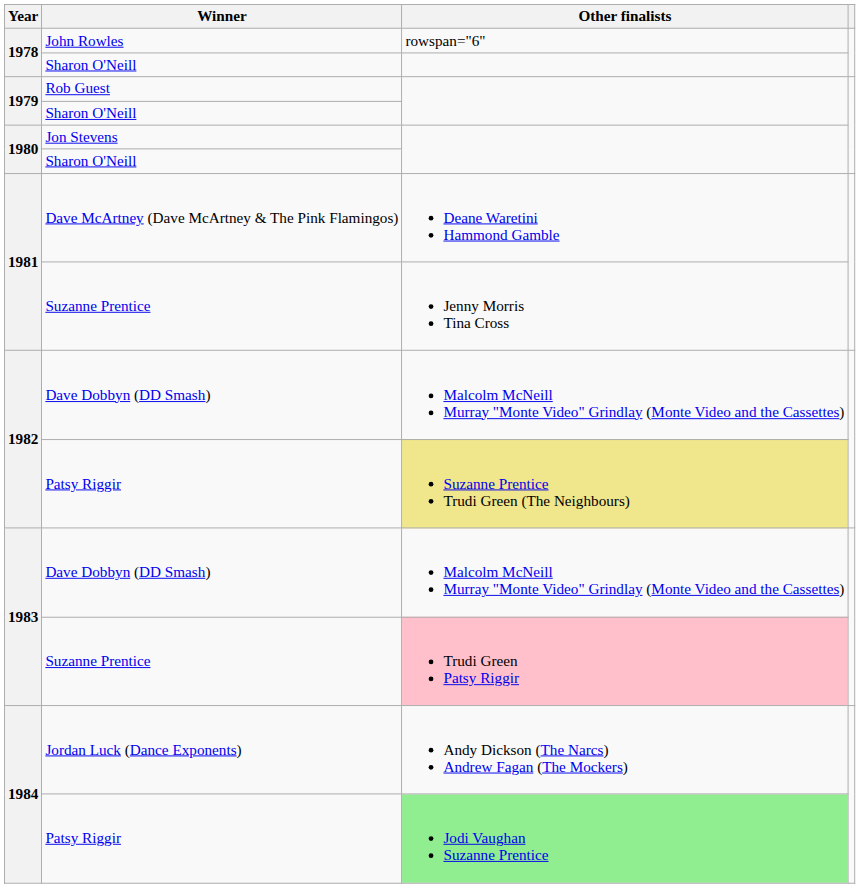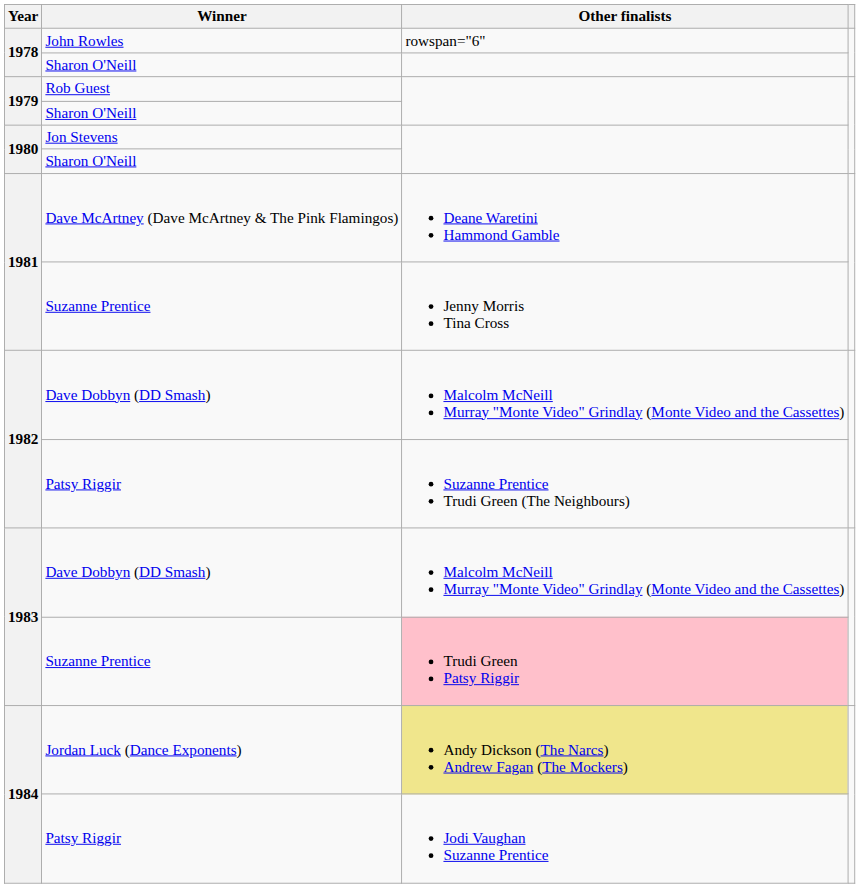 <table class="wikitable sortable">
 <tr>
 <th>Year</th>
 <th>Winner</th>
 <th>Other finalists</th>
 <th></th>
 </tr>
 <tr>
 <th rowspan="2">1978</th>
 <td><a href='#'>John Rowles</a></td>
 <td>rowspan="6" </td>
 <td rowspan="2" align="center"></td>
 </tr>
 <tr>
 <td><a href='#'>Sharon O'Neill</a></td>
 </tr>
 <tr>
 <th rowspan="2">1979</th>
 <td><a href='#'>Rob Guest</a></td>
 <td rowspan="2" align="center"></td>
 </tr>
 <tr>
 <td><a href='#'>Sharon O'Neill</a></td>
 </tr>
 <tr>
 <th rowspan="2">1980</th>
 <td><a href='#'>Jon Stevens</a></td>
 <td rowspan="2" align="center"></td>
 </tr>
 <tr>
 <td><a href='#'>Sharon O'Neill</a></td>
 </tr>
 <tr>
 <th rowspan="2">1981</th>
 <td><a href='#'>Dave McArtney</a> (Dave McArtney & The Pink Flamingos)</td>
 <td><br><ul><li><a href='#'>Deane Waretini</a></li><li><a href='#'>Hammond Gamble</a></li></ul></td>
 <td rowspan="2" align="center"></td>
 </tr>
 <tr>
 <td><a href='#'>Suzanne Prentice</a></td>
 <td><br><ul><li>Jenny Morris</li><li>Tina Cross</li></ul></td>
 </tr>
 <tr>
 <th rowspan="2">1982</th>
 <td><a href='#'>Dave Dobbyn</a> (<a href='#'>DD Smash</a>)</td>
 <td><br><ul><li><a href='#'>Malcolm McNeill</a></li><li><a href='#'>Murray "Monte Video" Grindlay</a> (<a href='#'>Monte Video and the Cassettes</a>)</li></ul></td>
 <td rowspan="2" align="center"></td>
 </tr>
 <tr>
 <td><a href='#'>Patsy Riggir</a></td>
-<td style="background: khaki;"><br><ul><li><a href='#'>Suzanne Prentice</a></li><li>Trudi Green (The Neighbours)</li></ul></td>
+<td><br><ul><li><a href='#'>Suzanne Prentice</a></li><li>Trudi Green (The Neighbours)</li></ul></td>
 </tr>
 <tr>
 <th rowspan="2">1983</th>
 <td><a href='#'>Dave Dobbyn</a> (<a href='#'>DD Smash</a>)</td>
 <td><br><ul><li><a href='#'>Malcolm McNeill</a></li><li><a href='#'>Murray "Monte Video" Grindlay</a> (<a href='#'>Monte Video and the Cassettes</a>)</li></ul></td>
 <td rowspan="2" align="center"></td>
 </tr>
 <tr>
 <td><a href='#'>Suzanne Prentice</a></td>
 <td style="background: pink;"><br><ul><li>Trudi Green</li><li><a href='#'>Patsy Riggir</a></li></ul></td>
 </tr>
 <tr>
 <th rowspan="2">1984</th>
 <td><a href='#'>Jordan Luck</a> (<a href='#'>Dance Exponents</a>)</td>
-<td><br><ul><li>Andy Dickson (<a href='#'>The Narcs</a>)</li><li><a href='#'>Andrew Fagan</a> (<a href='#'>The Mockers</a>)</li></ul></td>
+<td style="background: khaki;"><br><ul><li>Andy Dickson (<a href='#'>The Narcs</a>)</li><li><a href='#'>Andrew Fagan</a> (<a href='#'>The Mockers</a>)</li></ul></td>
 <td rowspan="2" align="center"></td>
 </tr>
 <tr>
 <td><a href='#'>Patsy Riggir</a></td>
-<td style="background: lightgreen;"><br><ul><li><a href='#'>Jodi Vaughan</a></li><li><a href='#'>Suzanne Prentice</a></li></ul></td>
+<td><br><ul><li><a href='#'>Jodi Vaughan</a></li><li><a href='#'>Suzanne Prentice</a></li></ul></td>
 </tr>
 </table>
